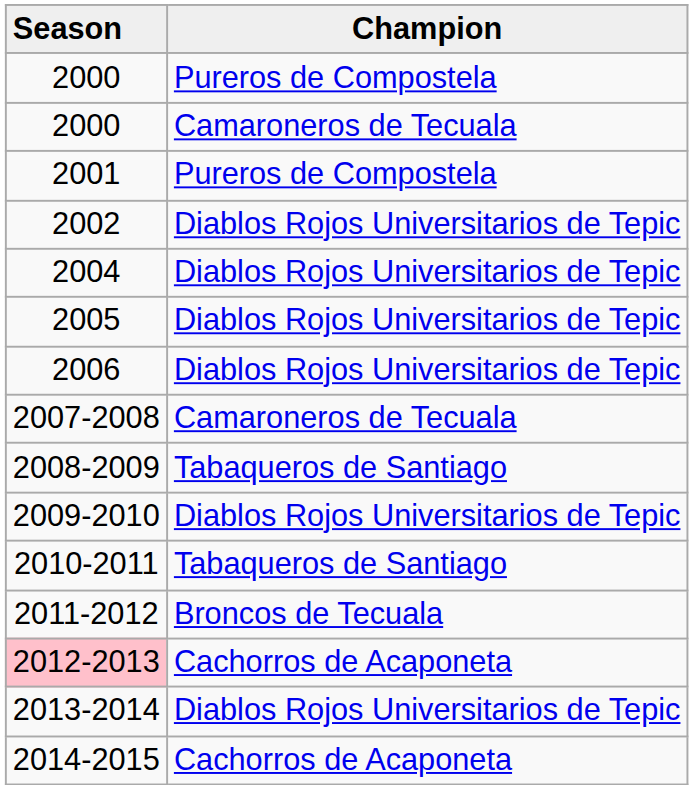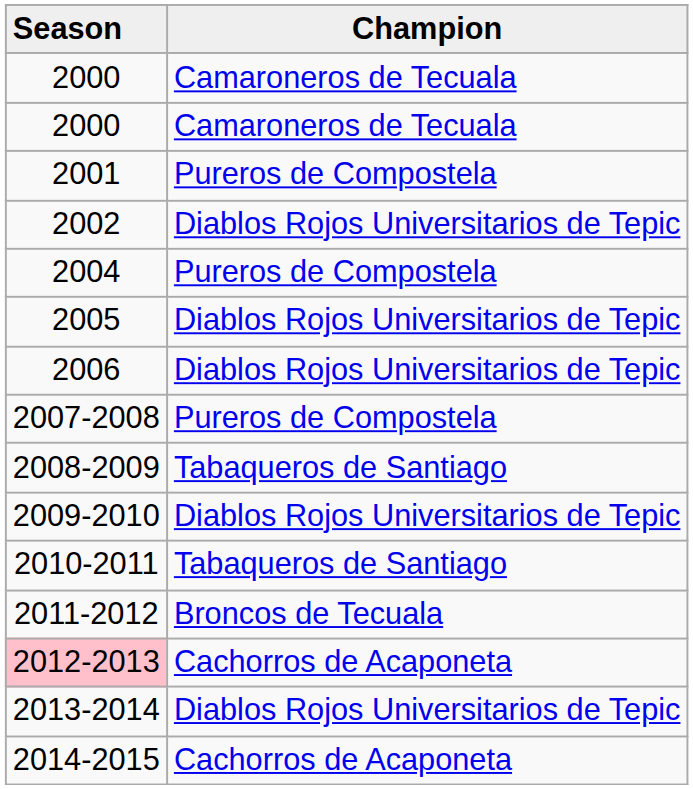 <table class="wikitable" style="margin:1em auto;">
 <tr>
 <td bgcolor=efefef><strong>Season</strong></td>
 <td bgcolor=efefef style="text-align:center;"><strong>Champion</strong></td>
 </tr>
 <tr>
 <td style="text-align:center;">2000</td>
-<td><a href='#'>Pureros de Compostela</a></td>
+<td><a href='#'>Camaroneros de Tecuala</a></td>
 </tr>
 <tr>
 <td style="text-align:center;">2000</td>
 <td><a href='#'>Camaroneros de Tecuala</a></td>
 </tr>
 <tr>
 <td style="text-align:center;">2001</td>
 <td><a href='#'>Pureros de Compostela</a></td>
 </tr>
 <tr>
 <td style="text-align:center;">2002</td>
 <td><a href='#'>Diablos Rojos Universitarios de Tepic</a></td>
 </tr>
 <tr>
 <td style="text-align:center;">2004</td>
-<td><a href='#'>Diablos Rojos Universitarios de Tepic</a></td>
+<td><a href='#'>Pureros de Compostela</a></td>
 </tr>
 <tr>
 <td style="text-align:center;">2005</td>
 <td><a href='#'>Diablos Rojos Universitarios de Tepic</a></td>
 </tr>
 <tr>
 <td style="text-align:center;">2006</td>
 <td><a href='#'>Diablos Rojos Universitarios de Tepic</a></td>
 </tr>
 <tr>
 <td style="text-align:center;">2007-2008</td>
-<td><a href='#'>Camaroneros de Tecuala</a></td>
+<td><a href='#'>Pureros de Compostela</a></td>
 </tr>
 <tr>
 <td style="text-align:center;">2008-2009</td>
 <td><a href='#'>Tabaqueros de Santiago</a></td>
 </tr>
 <tr>
 <td style="text-align:center;">2009-2010</td>
 <td><a href='#'>Diablos Rojos Universitarios de Tepic</a></td>
 </tr>
 <tr>
 <td style="text-align:center;">2010-2011</td>
 <td><a href='#'>Tabaqueros de Santiago</a></td>
 </tr>
 <tr>
 <td style="text-align:center;">2011-2012</td>
 <td><a href='#'>Broncos de Tecuala</a></td>
 </tr>
 <tr>
 <td style="background: pink; text-align:center;">2012-2013</td>
 <td><a href='#'>Cachorros de Acaponeta</a></td>
 </tr>
 <tr>
 <td style="text-align:center;">2013-2014</td>
 <td><a href='#'>Diablos Rojos Universitarios de Tepic</a></td>
 </tr>
 <tr>
 <td style="text-align:center;">2014-2015</td>
 <td><a href='#'>Cachorros de Acaponeta</a></td>
 </tr>
 </table>
